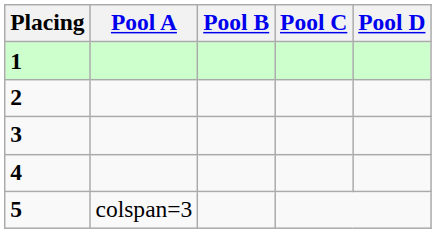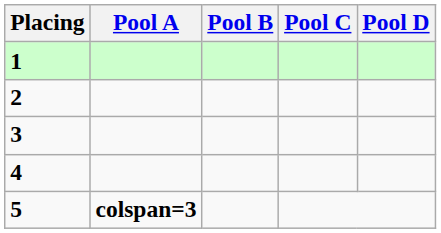 <table class=wikitable style="border:1px solid #AAAAAA;">
 <tr>
 <th>Placing</th>
 <th><a href='#'>Pool A</a></th>
 <th><a href='#'>Pool B</a></th>
 <th><a href='#'>Pool C</a></th>
 <th><a href='#'>Pool D</a></th>
 </tr>
 <tr style="background: #ccffcc;">
 <td><strong>1</strong></td>
 <td></td>
 <td></td>
 <td></td>
 <td></td>
 </tr>
 <tr>
 <td><strong>2</strong></td>
 <td></td>
 <td></td>
 <td></td>
 <td></td>
 </tr>
 <tr>
 <td><strong>3</strong></td>
 <td></td>
 <td></td>
 <td></td>
 <td></td>
 </tr>
 <tr>
 <td><strong>4</strong></td>
 <td></td>
 <td></td>
 <td></td>
 <td></td>
 </tr>
 <tr>
 <td><strong>5</strong></td>
-<td>colspan=3 </td>
+<td><strong>colspan=3 </strong></td>
 <td></td>
 </tr>
 </table>
